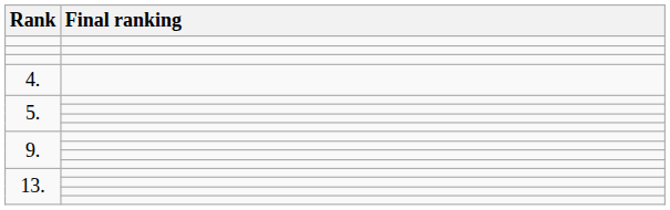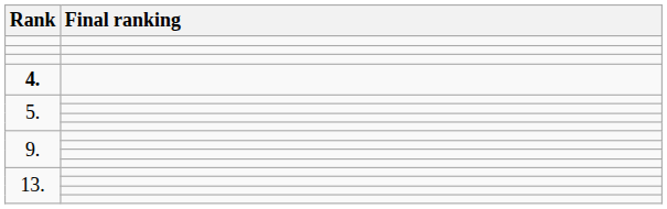 <table class="wikitable">
 <tr>
 <th>Rank</th>
 <th style="text-align: left; width: 30em;">Final ranking</th>
 </tr>
 <tr>
 <td align="center"></td>
 <td></td>
 </tr>
 <tr>
 <td align="center"></td>
 <td></td>
 </tr>
 <tr>
 <td align="center"></td>
 <td></td>
 </tr>
 <tr>
-<td align="center">4.</td>
+<td align="center"><strong>4.</strong></td>
 <td></td>
 </tr>
 <tr>
 <td rowspan=4 align="center">5.</td>
 <td></td>
 </tr>
 <tr>
 <td></td>
 </tr>
 <tr>
 <td></td>
 </tr>
 <tr>
 <td></td>
 </tr>
 <tr>
 <td rowspan=4 align="center">9.</td>
 <td></td>
 </tr>
 <tr>
 <td></td>
 </tr>
 <tr>
 <td></td>
 </tr>
 <tr>
 <td></td>
 </tr>
 <tr>
 <td rowspan=4 align="center">13.</td>
 <td></td>
 </tr>
 <tr>
 <td></td>
 </tr>
 <tr>
 <td></td>
 </tr>
 <tr>
 <td></td>
 </tr>
 </table>
